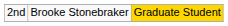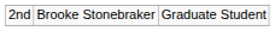 <table class="wikitable" border="1">
 <tr align=center>
 </tr>
 <tr>
 <td>2nd</td>
 <td>Brooke Stonebraker</td>
-<td style="background: gold;">Graduate Student</td>
+<td>Graduate Student</td>
 </tr>
 <tr>
 </tr>
 </table>
